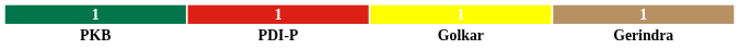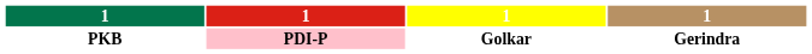 <table style="width:88%; text-align:center;">
 <tr style="color:white;">
 <td style="background:#02754C; width:25%;"><strong>1</strong></td>
 <td style="background:#DB2016; width:25%;"><strong>1</strong></td>
 <td style="background:#FFFF00; width:25%;"><strong>1</strong></td>
 <td style="background:#B79164; width:25%;"><strong>1</strong></td>
 </tr>
 <tr>
 <td><span><strong>PKB</strong></span></td>
-<td><span><strong>PDI-P</strong></span></td>
+<td style="background: pink;"><span><strong>PDI-P</strong></span></td>
 <td><span><strong>Golkar</strong></span></td>
 <td><span><strong>Gerindra</strong></span></td>
 </tr>
 </table>
